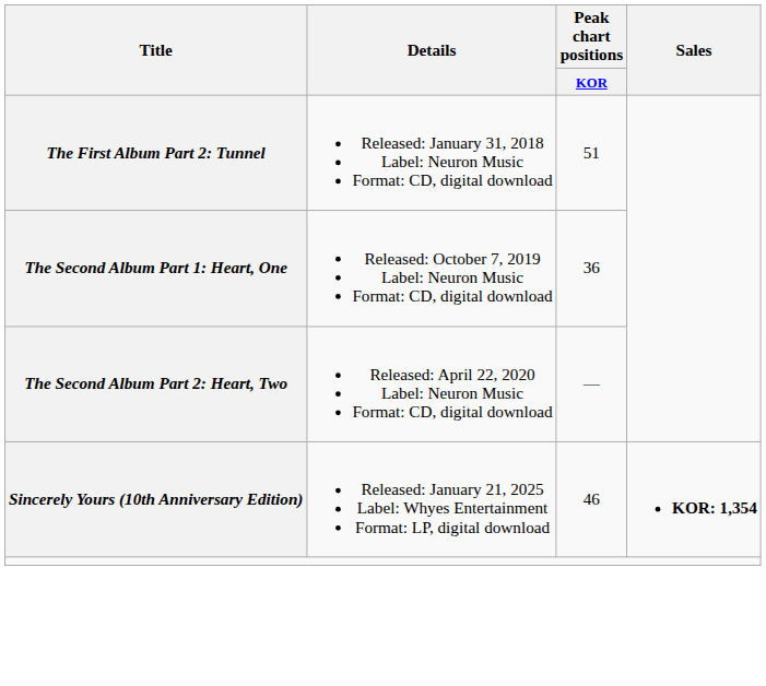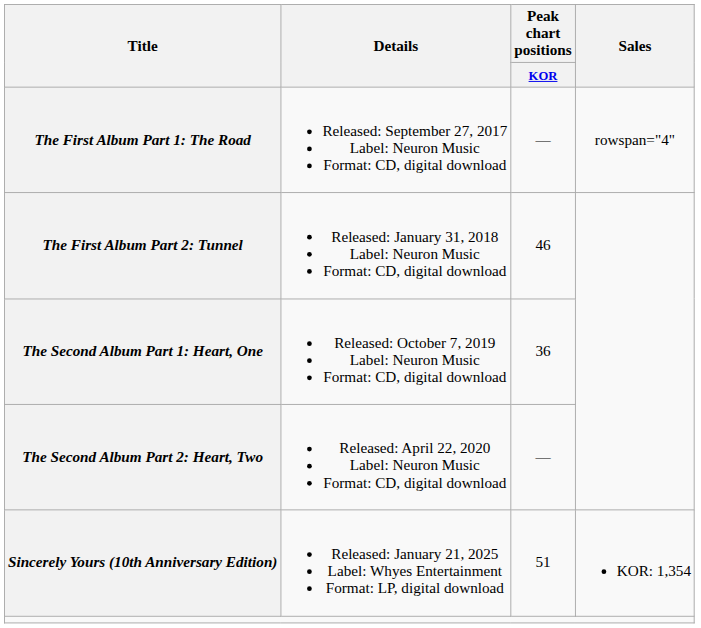 <table class="wikitable plainrowheaders" style="text-align:center;">
 <tr>
 <th scope="col" rowspan="2">Title</th>
 <th scope="col" rowspan="2">Details</th>
 <th scope="col" colspan="1">Peak<br>chart<br>positions</th>
 <th scope="col" rowspan="2">Sales</th>
 </tr>
 <tr>
 <th><small><a href='#'>KOR</a></small><br></th>
 </tr>
 <tr>
+<th scope="row"><em>The First Album Part 1: The Road</em></th>
+<td><br><ul><li>Released: September 27, 2017</li><li>Label: Neuron Music</li><li>Format: CD, digital download</li></ul></td>
+<td>—</td>
+<td>rowspan="4" </td>
+</tr>
+<tr>
 <th scope="row"><em>The First Album Part 2: Tunnel</em></th>
 <td><br><ul><li>Released: January 31, 2018</li><li>Label: Neuron Music</li><li>Format: CD, digital download</li></ul></td>
-<td>51</td>
+<td>46</td>
 </tr>
 <tr>
 <th scope="row"><em>The Second Album Part 1: Heart, One</em></th>
 <td><br><ul><li>Released: October 7, 2019</li><li>Label: Neuron Music</li><li>Format: CD, digital download</li></ul></td>
 <td>36</td>
 </tr>
 <tr>
 <th scope="row"><em>The Second Album Part 2: Heart, Two</em></th>
 <td><br><ul><li>Released: April 22, 2020</li><li>Label: Neuron Music</li><li>Format: CD, digital download</li></ul></td>
 <td>—</td>
 </tr>
 <tr>
 <th scope="row"><em>Sincerely Yours (10th Anniversary Edition)</em></th>
 <td><br><ul><li>Released: January 21, 2025</li><li>Label: Whyes Entertainment</li><li>Format: LP, digital download</li></ul></td>
-<td>46</td>
-<td><strong><br><ul><li>KOR: 1,354</li></ul></strong></td>
+<td>51</td>
+<td><br><ul><li>KOR: 1,354</li></ul></td>
 </tr>
 <tr>
 <td colspan="4"></td>
 </tr>
 </table>
